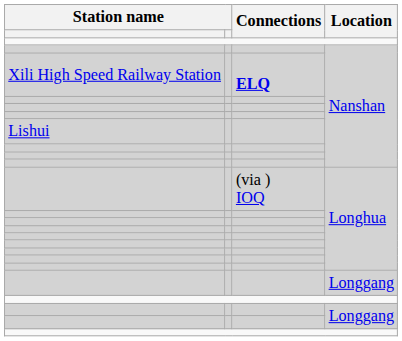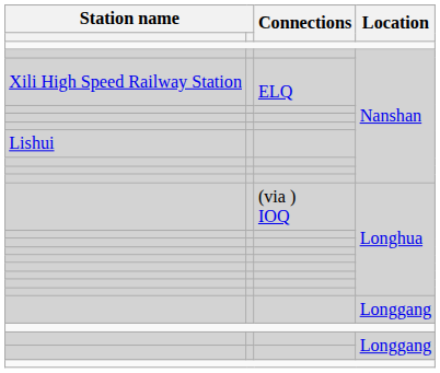 <table class="wikitable">
 <tr>
 <th colspan="2">Station name</th>
 <th rowspan="2">Connections</th>
 <th rowspan="2">Location</th>
 </tr>
 <tr>
 <th></th>
 <th></th>
 </tr>
 <tr style="background:#">
 <td colspan = "7"></td>
 </tr>
 <tr bgcolor="lightgrey">
 <td></td>
 <td></td>
 <td></td>
 <td rowspan=9><a href='#'>Nanshan</a></td>
 </tr>
 <tr bgcolor="lightgrey">
 <td><a href='#'>Xili High Speed Railway Station</a></td>
 <td></td>
-<td><strong>   <br> <a href='#'>ELQ</a></strong></td>
+<td>   <br> <a href='#'>ELQ</a></td>
 </tr>
 <tr bgcolor="lightgrey">
 <td></td>
 <td></td>
 <td></td>
 </tr>
 <tr bgcolor="lightgrey">
 <td></td>
 <td></td>
 <td> </td>
 </tr>
 <tr bgcolor="lightgrey">
 <td></td>
 <td></td>
 <td></td>
 </tr>
 <tr bgcolor="lightgrey">
 <td><a href='#'>Lishui</a></td>
 <td></td>
 <td></td>
 </tr>
 <tr bgcolor="lightgrey">
 <td></td>
 <td></td>
 <td></td>
 </tr>
 <tr bgcolor="lightgrey">
 <td></td>
 <td></td>
 <td></td>
 </tr>
 <tr bgcolor="lightgrey">
 <td></td>
 <td></td>
 <td></td>
 </tr>
 <tr bgcolor="lightgrey">
 <td></td>
 <td></td>
 <td>   (via )<br>   <a href='#'>IOQ</a></td>
 <td rowspan=9><a href='#'>Longhua</a></td>
 </tr>
 <tr bgcolor="lightgrey">
 <td></td>
 <td></td>
 <td></td>
 </tr>
 <tr bgcolor="lightgrey">
 <td></td>
 <td></td>
 <td></td>
 </tr>
 <tr bgcolor="lightgrey">
 <td></td>
 <td></td>
 <td></td>
 </tr>
 <tr bgcolor="lightgrey">
 <td></td>
 <td></td>
 <td></td>
 </tr>
 <tr bgcolor="lightgrey">
 <td></td>
 <td></td>
 <td></td>
 </tr>
 <tr bgcolor="lightgrey">
 <td></td>
 <td></td>
 <td></td>
 </tr>
 <tr bgcolor="lightgrey">
 <td></td>
 <td></td>
 <td></td>
 </tr>
 <tr bgcolor="lightgrey">
 <td></td>
 <td></td>
 <td></td>
 </tr>
 <tr bgcolor="lightgrey">
 <td></td>
 <td></td>
 <td></td>
 <td><a href='#'>Longgang</a></td>
 </tr>
 <tr style="background:#">
 <td colspan="4"></td>
 </tr>
 <tr bgcolor="lightgrey">
 <td></td>
 <td></td>
 <td></td>
 <td rowspan=2><a href='#'>Longgang</a></td>
 </tr>
 <tr bgcolor="lightgrey">
 <td></td>
 <td></td>
 <td></td>
 </tr>
 <tr style="background:#">
 <td colspan = "7"></td>
 </tr>
 </table>
